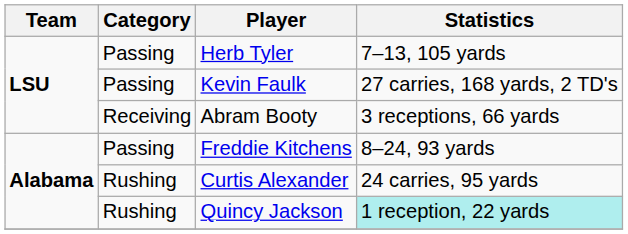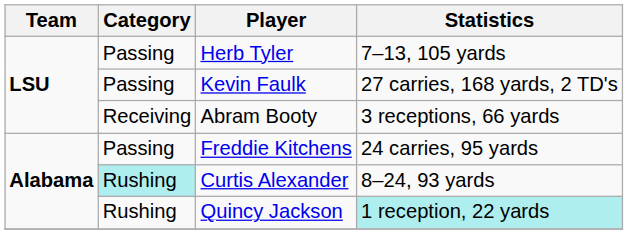 <table class="wikitable" style="float: right;">
 <tr>
 <th>Team</th>
 <th>Category</th>
 <th>Player</th>
 <th>Statistics</th>
 </tr>
 <tr>
 <td rowspan=3><strong>LSU</strong></td>
 <td>Passing</td>
 <td><a href='#'>Herb Tyler</a></td>
 <td>7–13, 105 yards</td>
 </tr>
 <tr>
 <td>Passing</td>
 <td><a href='#'>Kevin Faulk</a></td>
 <td>27 carries, 168 yards, 2 TD's</td>
 </tr>
 <tr>
 <td>Receiving</td>
 <td>Abram Booty</td>
 <td>3 receptions, 66 yards</td>
 </tr>
 <tr>
 <td rowspan=3><strong>Alabama</strong></td>
 <td>Passing</td>
 <td><a href='#'>Freddie Kitchens</a></td>
-<td>8–24, 93 yards</td>
+<td>24 carries, 95 yards</td>
 </tr>
 <tr>
-<td>Rushing</td>
+<td style="background: paleturquoise;">Rushing</td>
 <td><a href='#'>Curtis Alexander</a></td>
-<td>24 carries, 95 yards</td>
+<td>8–24, 93 yards</td>
 </tr>
 <tr>
 <td>Rushing</td>
 <td><a href='#'>Quincy Jackson</a></td>
 <td style="background: paleturquoise;">1 reception, 22 yards</td>
 </tr>
 <tr>
 </tr>
 </table>
